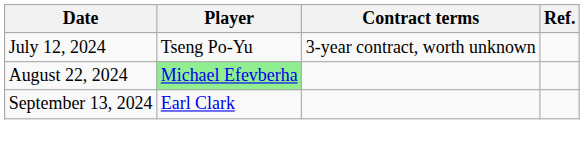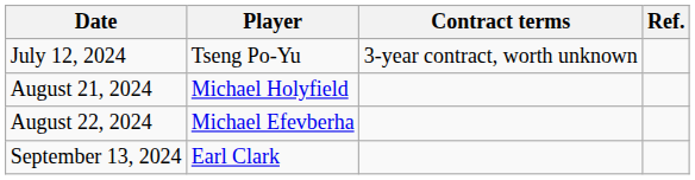 <table class="wikitable">
 <tr>
 <th>Date</th>
 <th>Player</th>
 <th>Contract terms</th>
 <th>Ref.</th>
 </tr>
 <tr>
 <td>July 12, 2024</td>
 <td>Tseng Po-Yu</td>
 <td>3-year contract, worth unknown</td>
 <td></td>
 </tr>
 <tr>
+<td>August 21, 2024</td>
+<td><a href='#'>Michael Holyfield</a></td>
+<td></td>
+<td></td>
+</tr>
+<tr>
 <td>August 22, 2024</td>
-<td style="background: lightgreen;"><a href='#'>Michael Efevberha</a></td>
+<td><a href='#'>Michael Efevberha</a></td>
 <td></td>
 <td></td>
 </tr>
 <tr>
 <td>September 13, 2024</td>
 <td><a href='#'>Earl Clark</a></td>
 <td></td>
 <td></td>
 </tr>
 </table>
